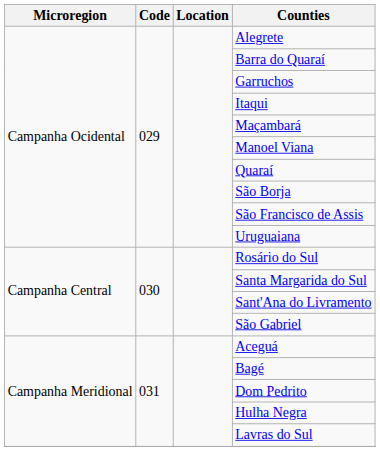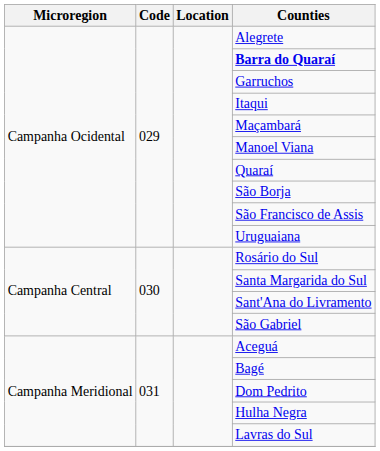 <table class="wikitable sortable">
 <tr>
 <th>Microregion</th>
 <th>Code</th>
 <th>Location</th>
 <th>Counties</th>
 </tr>
 <tr>
 <td rowspan="10">Campanha Ocidental</td>
 <td rowspan="10">029</td>
 <td rowspan="10"></td>
 <td><a href='#'>Alegrete</a></td>
 </tr>
 <tr>
-<td><a href='#'>Barra do Quaraí</a></td>
+<td><strong><a href='#'>Barra do Quaraí</a></strong></td>
 </tr>
 <tr>
 <td><a href='#'>Garruchos</a></td>
 </tr>
 <tr>
 <td><a href='#'>Itaqui</a></td>
 </tr>
 <tr>
 <td><a href='#'>Maçambará</a></td>
 </tr>
 <tr>
 <td><a href='#'>Manoel Viana</a></td>
 </tr>
 <tr>
 <td><a href='#'>Quaraí</a></td>
 </tr>
 <tr>
 <td><a href='#'>São Borja</a></td>
 </tr>
 <tr>
 <td><a href='#'>São Francisco de Assis</a></td>
 </tr>
 <tr>
 <td><a href='#'>Uruguaiana</a></td>
 </tr>
 <tr>
 <td rowspan="4">Campanha Central</td>
 <td rowspan="4">030</td>
 <td rowspan="4"></td>
 <td><a href='#'>Rosário do Sul</a></td>
 </tr>
 <tr>
 <td><a href='#'>Santa Margarida do Sul</a></td>
 </tr>
 <tr>
 <td><a href='#'>Sant'Ana do Livramento</a></td>
 </tr>
 <tr>
 <td><a href='#'>São Gabriel</a></td>
 </tr>
 <tr>
 <td rowspan="5">Campanha Meridional</td>
 <td rowspan="5">031</td>
 <td rowspan="5"></td>
 <td><a href='#'>Aceguá</a></td>
 </tr>
 <tr>
 <td><a href='#'>Bagé</a></td>
 </tr>
 <tr>
 <td><a href='#'>Dom Pedrito</a></td>
 </tr>
 <tr>
 <td><a href='#'>Hulha Negra</a></td>
 </tr>
 <tr>
 <td><a href='#'>Lavras do Sul</a></td>
 </tr>
 <tr>
 </tr>
 </table>
